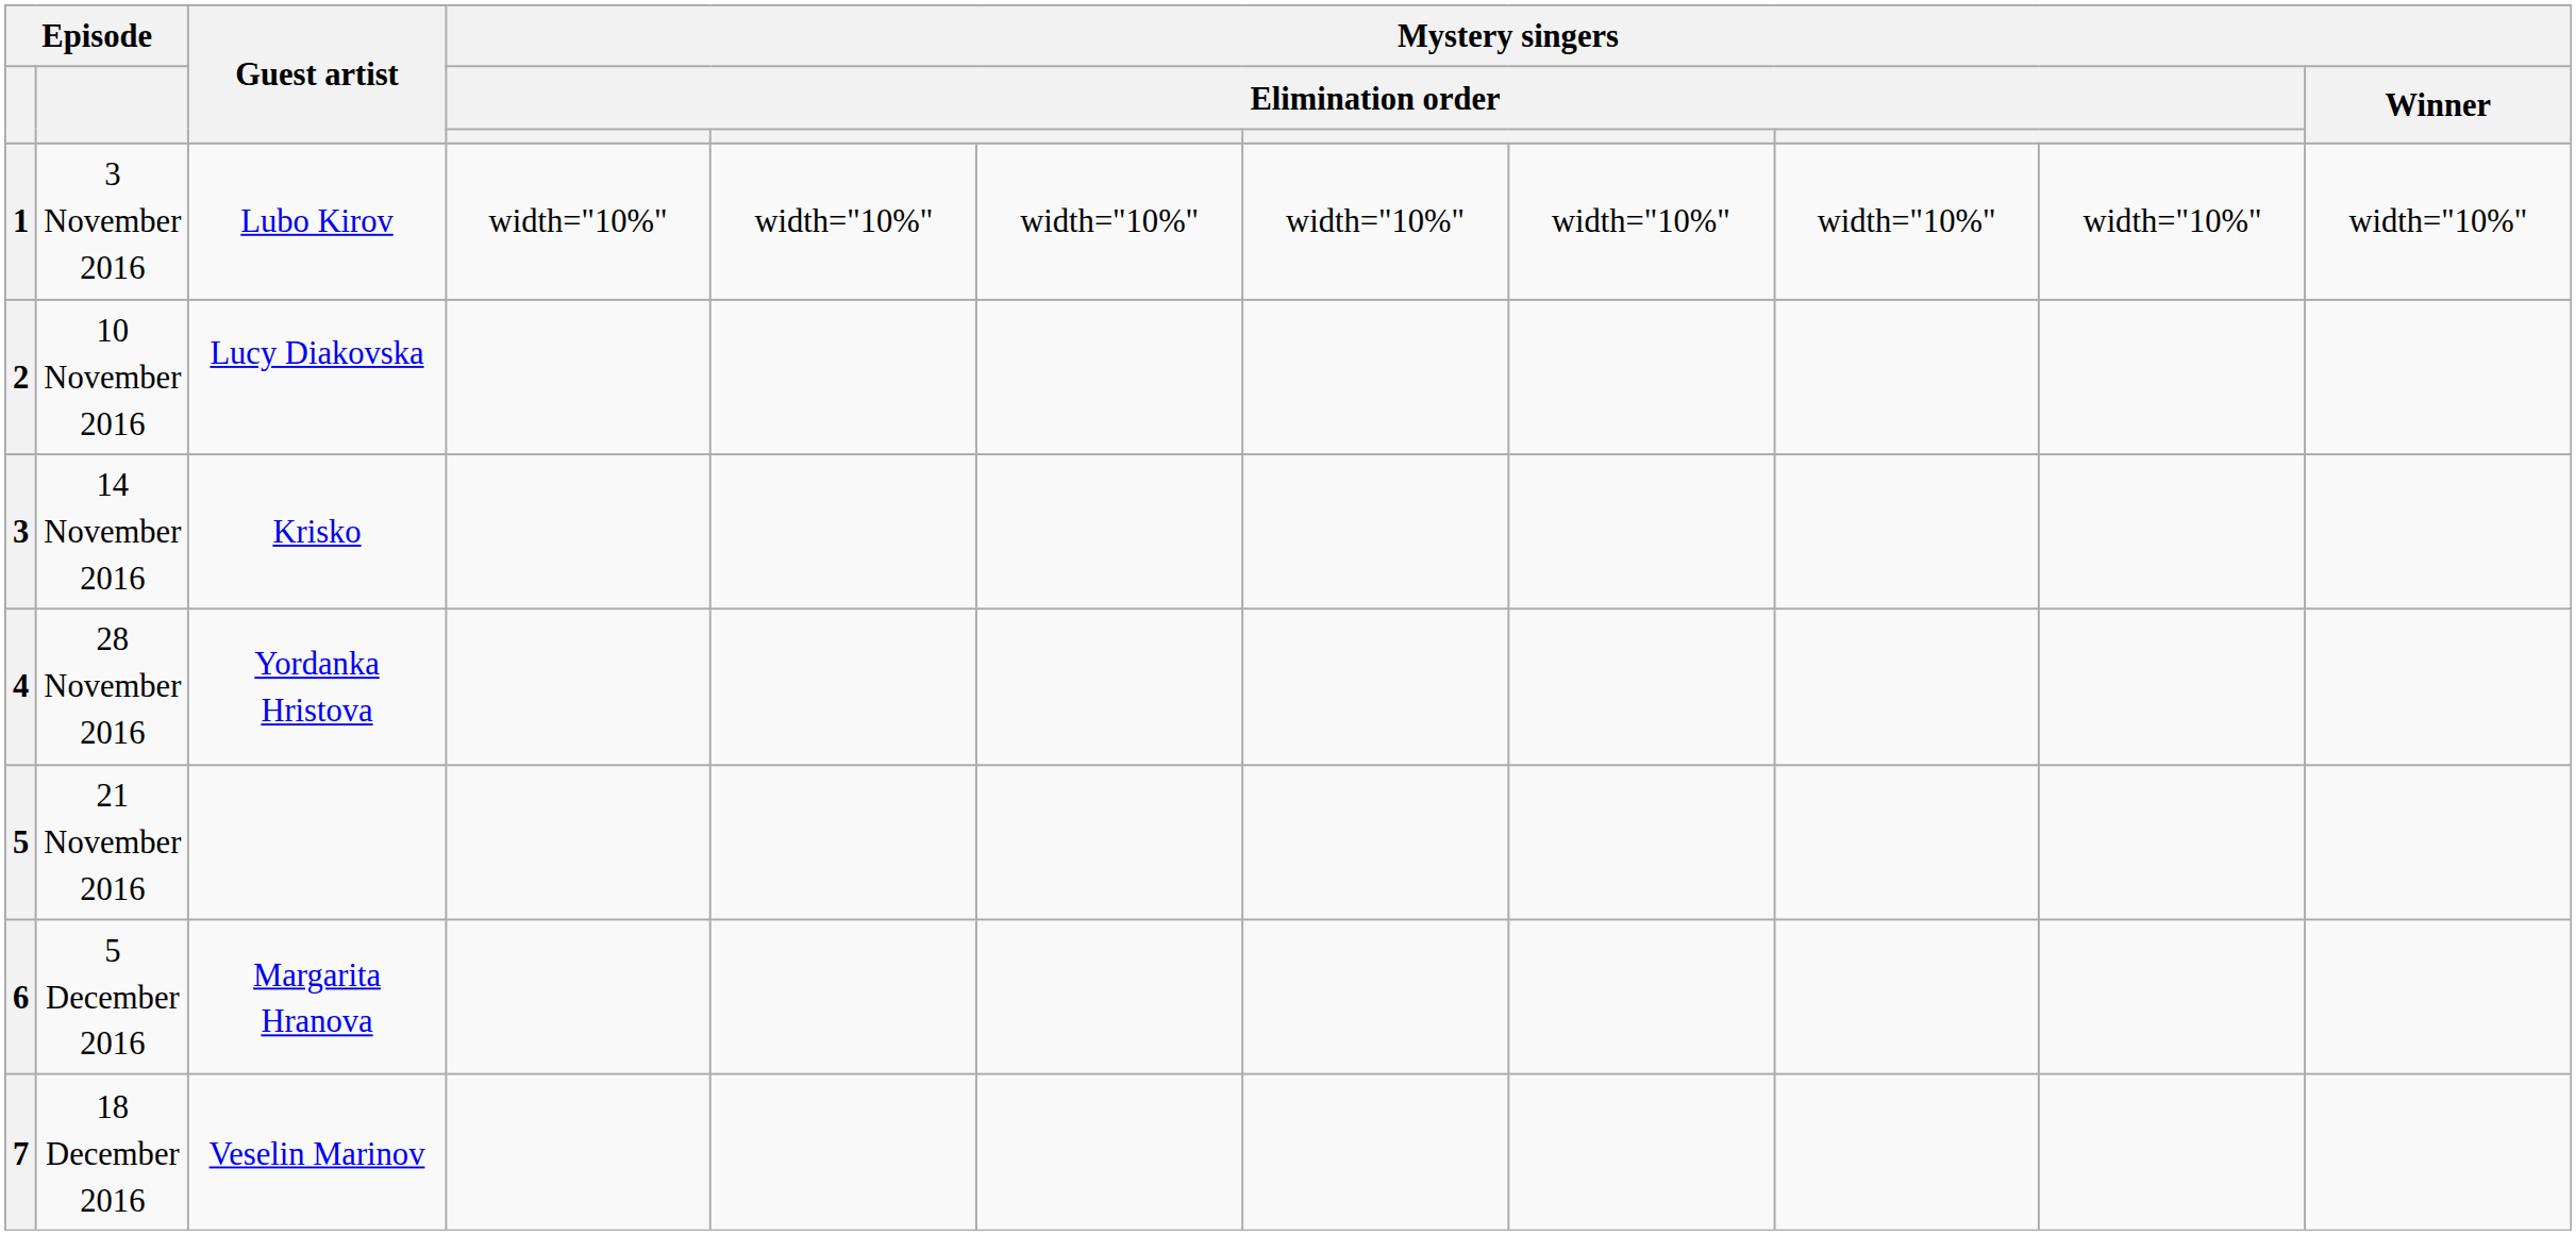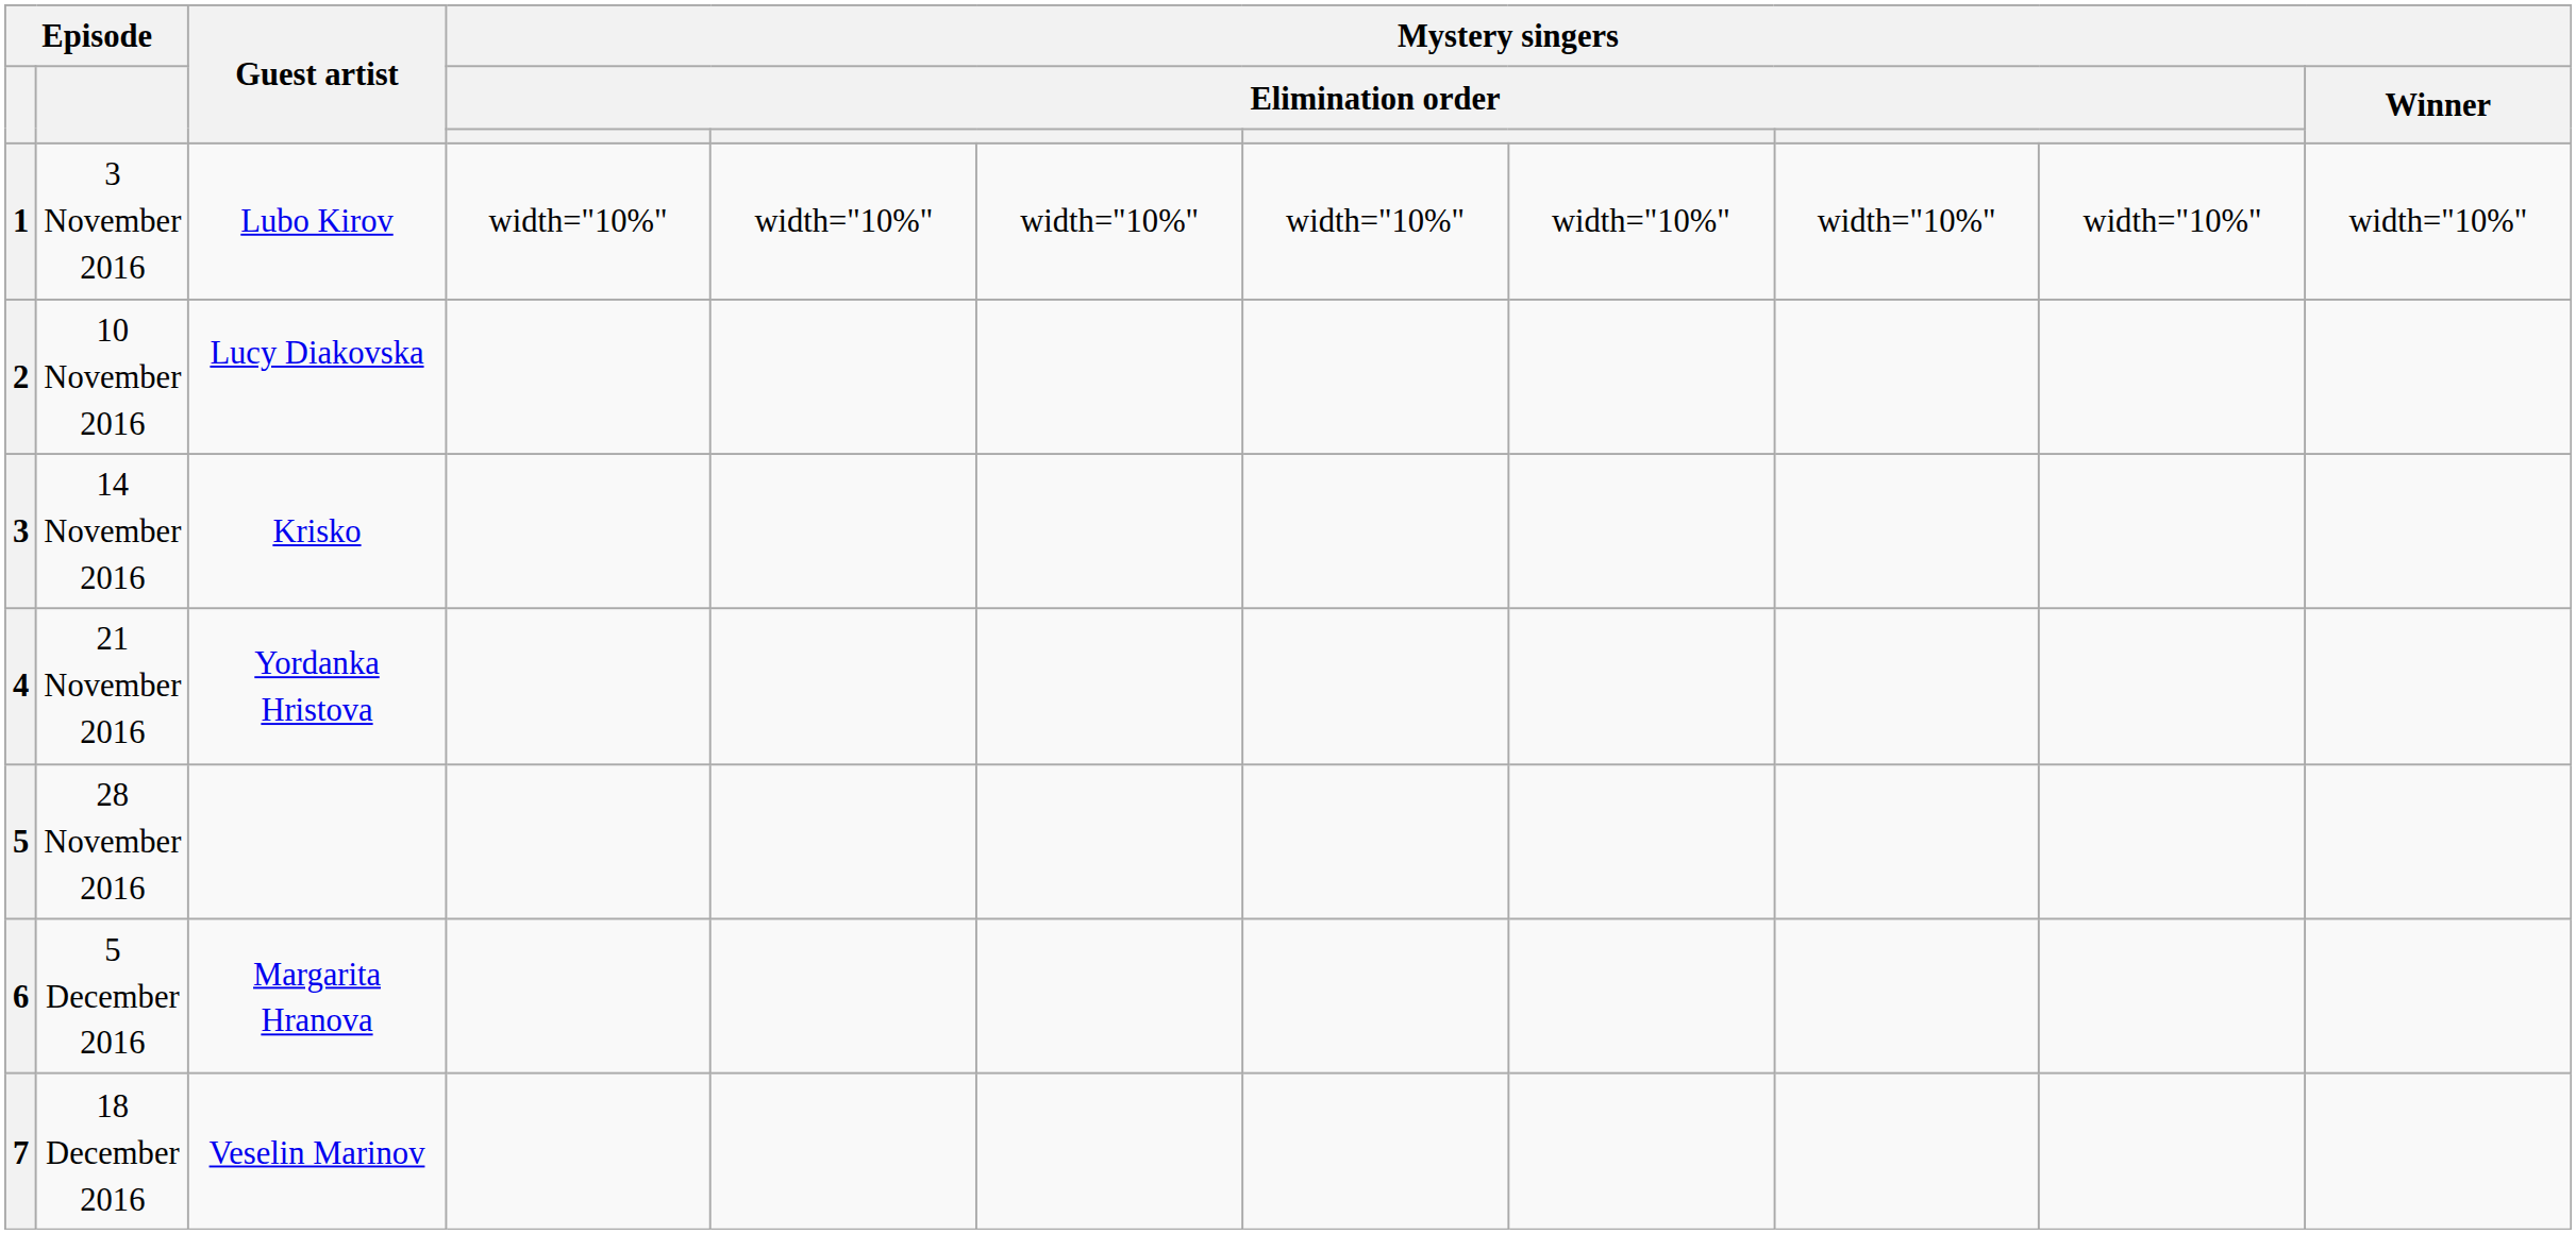 <table class="wikitable plainrowheaders mw-collapsible" style="text-align:center; line-height:23px; width:100%;">
 <tr>
 <th colspan="2" width="1%">Episode</th>
 <th rowspan="3" width="10%">Guest artist</th>
 <th colspan="8">Mystery singers<br></th>
 </tr>
 <tr>
 <th rowspan="2"></th>
 <th rowspan="2"></th>
 <th colspan="7">Elimination order</th>
 <th rowspan="2">Winner</th>
 </tr>
 <tr>
 <th></th>
 <th colspan="2"></th>
 <th colspan="2"></th>
 <th colspan="2"></th>
 </tr>
 <tr>
 <th>1</th>
 <td>3 November 2016</td>
 <td><a href='#'>Lubo Kirov</a><br></td>
 <td>width="10%" </td>
 <td>width="10%" </td>
 <td>width="10%" </td>
 <td>width="10%" </td>
 <td>width="10%" </td>
 <td>width="10%" </td>
 <td>width="10%" </td>
 <td>width="10%" </td>
 </tr>
 <tr>
 <th>2</th>
 <td>10 November 2016</td>
 <td><a href='#'>Lucy Diakovska</a><br><br></td>
 <td></td>
 <td></td>
 <td></td>
 <td></td>
 <td></td>
 <td></td>
 <td></td>
 <td></td>
 </tr>
 <tr>
 <th>3</th>
 <td>14 November 2016</td>
 <td><a href='#'>Krisko</a><br></td>
 <td></td>
 <td></td>
 <td></td>
 <td></td>
 <td></td>
 <td></td>
 <td></td>
 <td></td>
 </tr>
 <tr>
 <th>4</th>
-<td>28 November 2016</td>
+<td>21 November 2016</td>
 <td><a href='#'>Yordanka Hristova</a></td>
 <td></td>
 <td></td>
 <td></td>
 <td></td>
 <td></td>
 <td></td>
 <td></td>
 <td></td>
 </tr>
 <tr>
 <th>5</th>
-<td>21 November 2016</td>
+<td>28 November 2016</td>
 <td><br><br></td>
 <td></td>
 <td></td>
 <td></td>
 <td></td>
 <td></td>
 <td></td>
 <td></td>
 <td></td>
 </tr>
 <tr>
 <th>6</th>
 <td>5 December 2016</td>
 <td><a href='#'>Margarita Hranova</a><br></td>
 <td></td>
 <td></td>
 <td></td>
 <td></td>
 <td></td>
 <td></td>
 <td></td>
 <td></td>
 </tr>
 <tr>
 <th>7</th>
 <td>18 December 2016</td>
 <td><a href='#'>Veselin Marinov</a><br></td>
 <td></td>
 <td></td>
 <td></td>
 <td></td>
 <td></td>
 <td></td>
 <td></td>
 <td></td>
 </tr>
 </table>
